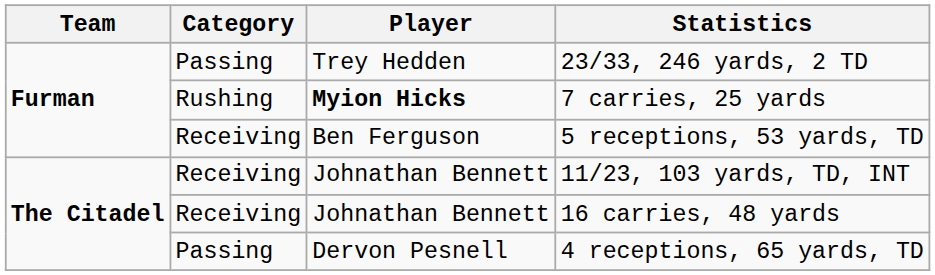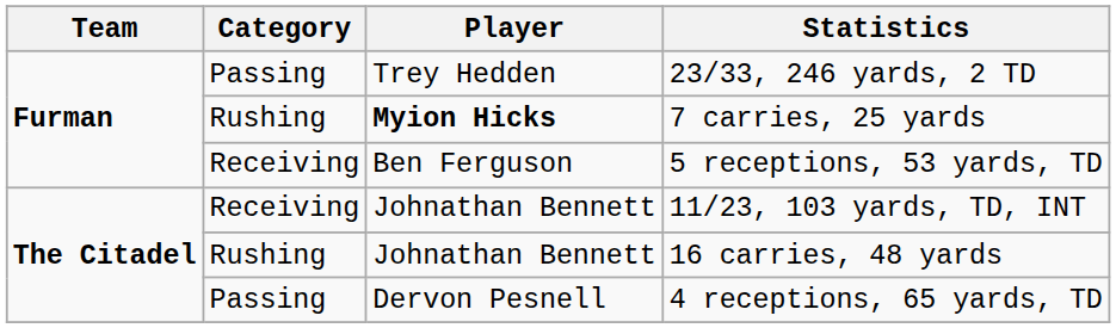 <table class="wikitable" style="float: right;">
 <tr>
 <th>Team</th>
 <th>Category</th>
 <th>Player</th>
 <th>Statistics</th>
 </tr>
 <tr>
 <td rowspan=3><strong>Furman</strong></td>
 <td>Passing</td>
 <td>Trey Hedden</td>
 <td>23/33, 246 yards, 2 TD</td>
 </tr>
 <tr>
 <td>Rushing</td>
 <td><strong>Myion Hicks</strong></td>
 <td>7 carries, 25 yards</td>
 </tr>
 <tr>
 <td>Receiving</td>
 <td>Ben Ferguson</td>
 <td>5 receptions, 53 yards, TD</td>
 </tr>
 <tr>
 <td rowspan=3><strong>The Citadel</strong></td>
 <td>Receiving</td>
 <td>Johnathan Bennett</td>
 <td>11/23, 103 yards, TD, INT</td>
 </tr>
 <tr>
-<td>Receiving</td>
+<td>Rushing</td>
 <td>Johnathan Bennett</td>
 <td>16 carries, 48 yards</td>
 </tr>
 <tr>
 <td>Passing</td>
 <td>Dervon Pesnell</td>
 <td>4 receptions, 65 yards, TD</td>
 </tr>
 </table>
